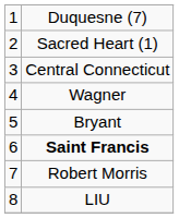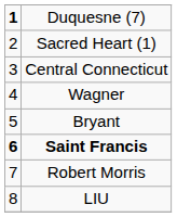 <table class="wikitable">
 <tr align="center">
 </tr>
 <tr align="center">
-<td>1</td>
+<td><strong>1</strong></td>
 <td>Duquesne (7)</td>
 </tr>
 <tr align="center">
 <td>2</td>
 <td>Sacred Heart (1)</td>
 </tr>
 <tr align="center">
 <td>3</td>
 <td>Central Connecticut</td>
 </tr>
 <tr align="center">
 <td>4</td>
 <td>Wagner</td>
 </tr>
 <tr align="center">
 <td>5</td>
 <td>Bryant</td>
 </tr>
 <tr align="center">
-<td>6</td>
+<td><strong>6</strong></td>
 <td><strong>Saint Francis</strong></td>
 </tr>
 <tr align="center">
 <td>7</td>
 <td>Robert Morris</td>
 </tr>
 <tr align="center">
 <td>8</td>
 <td>LIU</td>
 </tr>
 <tr>
 </tr>
 </table>
